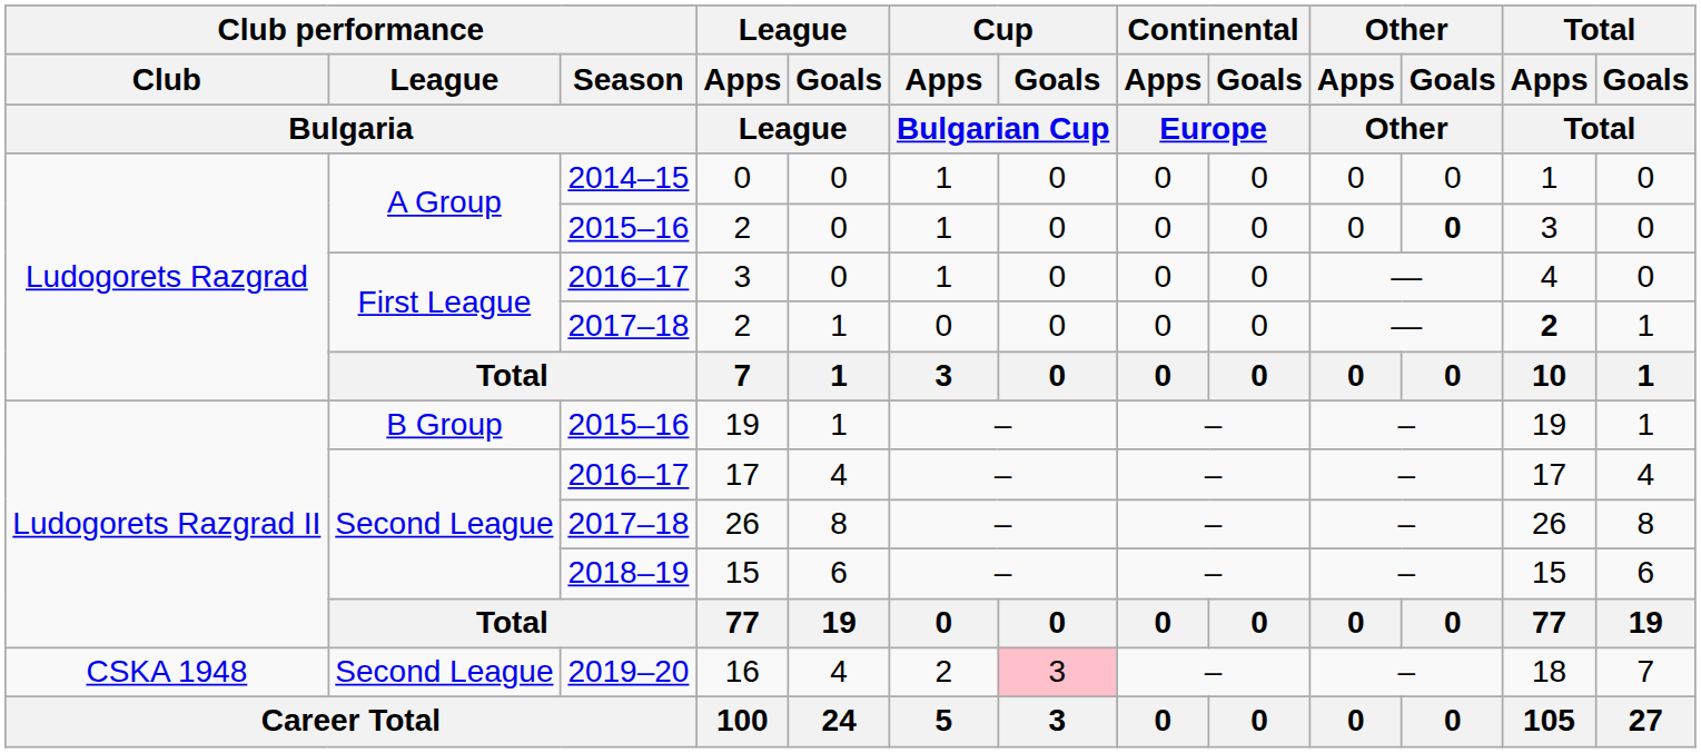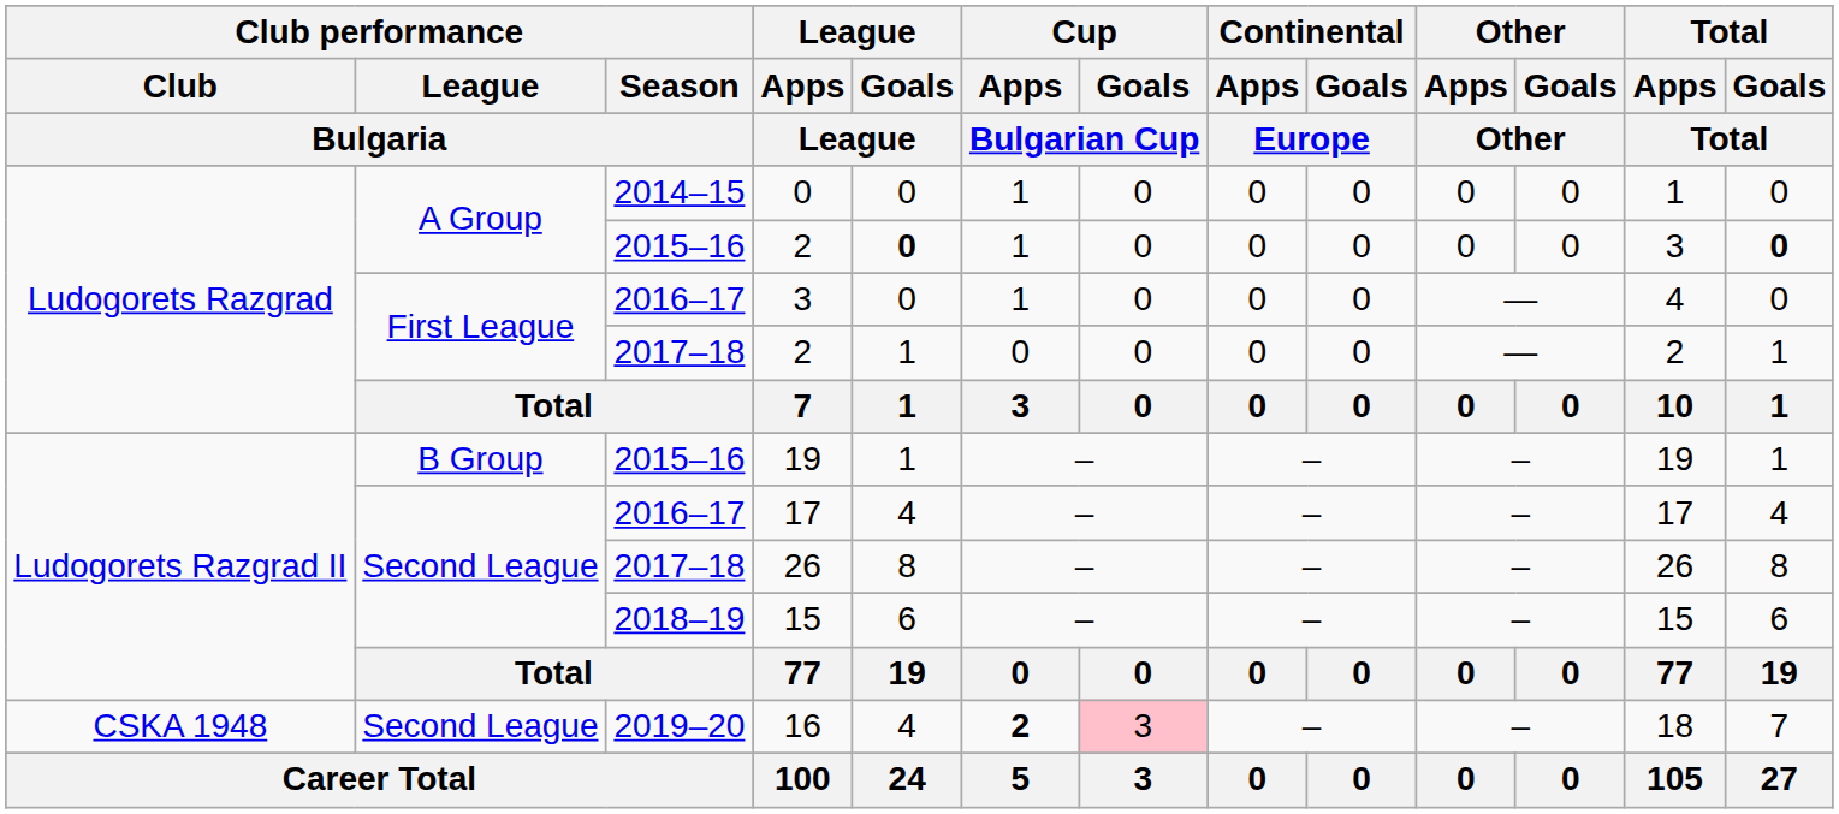 <table class="wikitable" style="text-align: center">
 <tr>
 <th Colspan="3">Club performance</th>
 <th Colspan="2">League</th>
 <th Colspan="2">Cup</th>
 <th Colspan="2">Continental</th>
 <th Colspan="2">Other</th>
 <th Colspan="3">Total</th>
 </tr>
 <tr>
 <th>Club</th>
 <th>League</th>
 <th>Season</th>
 <th>Apps</th>
 <th>Goals</th>
 <th>Apps</th>
 <th>Goals</th>
 <th>Apps</th>
 <th>Goals</th>
 <th>Apps</th>
 <th>Goals</th>
 <th>Apps</th>
 <th>Goals</th>
 </tr>
 <tr>
 <th Colspan="3">Bulgaria</th>
 <th Colspan="2">League</th>
 <th Colspan="2"><a href='#'>Bulgarian Cup</a></th>
 <th Colspan="2"><a href='#'>Europe</a></th>
 <th Colspan="2">Other</th>
 <th Colspan="2">Total</th>
 </tr>
 <tr>
 <td rowspan=5><a href='#'>Ludogorets Razgrad</a></td>
 <td rowspan=2><a href='#'>A Group</a></td>
 <td><a href='#'>2014–15</a></td>
 <td>0</td>
 <td>0</td>
 <td>1</td>
 <td>0</td>
 <td>0</td>
 <td>0</td>
 <td>0</td>
 <td>0</td>
 <td>1</td>
 <td>0</td>
 </tr>
 <tr>
 <td><a href='#'>2015–16</a></td>
 <td>2</td>
-<td>0</td>
+<td><strong>0</strong></td>
 <td>1</td>
 <td>0</td>
 <td>0</td>
 <td>0</td>
 <td>0</td>
+<td>0</td>
+<td>3</td>
 <td><strong>0</strong></td>
-<td>3</td>
-<td>0</td>
 </tr>
 <tr>
 <td rowspan="2"><a href='#'>First League</a></td>
 <td><a href='#'>2016–17</a></td>
 <td>3</td>
 <td>0</td>
 <td>1</td>
 <td>0</td>
 <td>0</td>
 <td>0</td>
 <td colspan="2">—</td>
 <td>4</td>
 <td>0</td>
 </tr>
 <tr>
 <td><a href='#'>2017–18</a></td>
 <td>2</td>
 <td>1</td>
 <td>0</td>
 <td>0</td>
 <td>0</td>
 <td>0</td>
 <td colspan="2">—</td>
-<td><strong>2</strong></td>
+<td>2</td>
 <td>1</td>
 </tr>
 <tr>
 <th colspan=2>Total</th>
 <th>7</th>
 <th>1</th>
 <th>3</th>
 <th>0</th>
 <th>0</th>
 <th>0</th>
 <th>0</th>
 <th>0</th>
 <th>10</th>
 <th>1</th>
 </tr>
 <tr>
 <td rowspan="5" valign="center"><a href='#'>Ludogorets Razgrad II</a></td>
 <td rowspan="1"><a href='#'>B Group</a></td>
 <td><a href='#'>2015–16</a></td>
 <td>19</td>
 <td>1</td>
 <td colspan="2">–</td>
 <td colspan="2">–</td>
 <td colspan="2">–</td>
 <td>19</td>
 <td>1</td>
 </tr>
 <tr>
 <td rowspan="3"><a href='#'>Second League</a></td>
 <td><a href='#'>2016–17</a></td>
 <td>17</td>
 <td>4</td>
 <td colspan="2">–</td>
 <td colspan="2">–</td>
 <td colspan="2">–</td>
 <td>17</td>
 <td>4</td>
 </tr>
 <tr>
 <td><a href='#'>2017–18</a></td>
 <td>26</td>
 <td>8</td>
 <td colspan="2">–</td>
 <td colspan="2">–</td>
 <td colspan="2">–</td>
 <td>26</td>
 <td>8</td>
 </tr>
 <tr>
 <td><a href='#'>2018–19</a></td>
 <td>15</td>
 <td>6</td>
 <td colspan="2">–</td>
 <td colspan="2">–</td>
 <td colspan="2">–</td>
 <td>15</td>
 <td>6</td>
 </tr>
 <tr>
 <th colspan=2>Total</th>
 <th>77</th>
 <th>19</th>
 <th>0</th>
 <th>0</th>
 <th>0</th>
 <th>0</th>
 <th>0</th>
 <th>0</th>
 <th>77</th>
 <th>19</th>
 </tr>
 <tr>
 <td rowspan="1" valign="center"><a href='#'>CSKA 1948</a></td>
 <td rowspan="1"><a href='#'>Second League</a></td>
 <td><a href='#'>2019–20</a></td>
 <td>16</td>
 <td>4</td>
-<td>2</td>
+<td><strong>2</strong></td>
 <td style="background: pink;">3</td>
 <td colspan="2">–</td>
 <td colspan="2">–</td>
 <td>18</td>
 <td>7</td>
 </tr>
 <tr>
 <th colspan="3">Career Total</th>
 <th>100</th>
 <th>24</th>
 <th>5</th>
 <th>3</th>
 <th>0</th>
 <th>0</th>
 <th>0</th>
 <th>0</th>
 <th>105</th>
 <th>27</th>
 </tr>
 </table>
